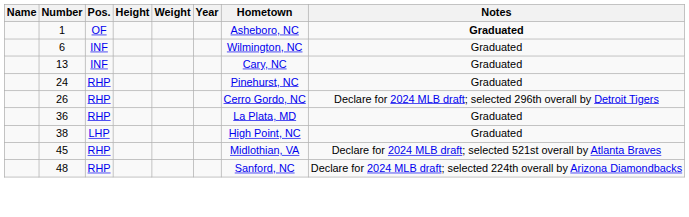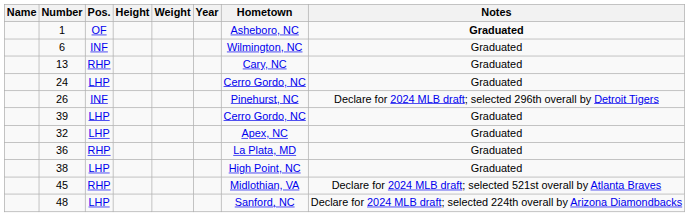 <table class="wikitable sortable sortable" style="text-align: center">
 <tr align=center>
 <th>Name</th>
 <th>Number</th>
 <th>Pos.</th>
 <th>Height</th>
 <th>Weight</th>
 <th>Year</th>
 <th>Hometown</th>
 <th>Notes</th>
 </tr>
 <tr>
 <td></td>
 <td>1</td>
 <td><a href='#'>OF</a></td>
 <td></td>
 <td></td>
 <td></td>
 <td><a href='#'>Asheboro, NC</a></td>
 <td><strong>Graduated</strong></td>
 </tr>
 <tr>
 <td></td>
 <td>6</td>
 <td><a href='#'>INF</a></td>
 <td></td>
 <td></td>
 <td></td>
 <td><a href='#'>Wilmington, NC</a></td>
 <td>Graduated</td>
 </tr>
 <tr>
 <td></td>
 <td>13</td>
-<td><a href='#'>INF</a></td>
+<td><a href='#'>RHP</a></td>
 <td></td>
 <td></td>
 <td></td>
 <td><a href='#'>Cary, NC</a></td>
 <td>Graduated</td>
 </tr>
 <tr>
 <td></td>
 <td>24</td>
-<td><a href='#'>RHP</a></td>
+<td><a href='#'>LHP</a></td>
 <td></td>
 <td></td>
 <td></td>
-<td><a href='#'>Pinehurst, NC</a></td>
+<td><a href='#'>Cerro Gordo, NC</a></td>
 <td>Graduated</td>
 </tr>
 <tr>
 <td></td>
 <td>26</td>
-<td><a href='#'>RHP</a></td>
+<td><a href='#'>INF</a></td>
+<td></td>
+<td></td>
+<td></td>
+<td><a href='#'>Pinehurst, NC</a></td>
+<td>Declare for <a href='#'>2024 MLB draft</a>; selected 296th overall by <a href='#'>Detroit Tigers</a></td>
+</tr>
+<tr>
+<td></td>
+<td>39</td>
+<td><a href='#'>LHP</a></td>
 <td></td>
 <td></td>
 <td></td>
 <td><a href='#'>Cerro Gordo, NC</a></td>
-<td>Declare for <a href='#'>2024 MLB draft</a>; selected 296th overall by <a href='#'>Detroit Tigers</a></td>
+<td>Graduated</td>
+</tr>
+<tr>
+<td></td>
+<td>32</td>
+<td><a href='#'>LHP</a></td>
+<td></td>
+<td></td>
+<td></td>
+<td><a href='#'>Apex, NC</a></td>
+<td>Graduated</td>
 </tr>
 <tr>
 <td></td>
 <td>36</td>
 <td><a href='#'>RHP</a></td>
 <td></td>
 <td></td>
 <td></td>
 <td><a href='#'>La Plata, MD</a></td>
 <td>Graduated</td>
 </tr>
 <tr>
 <td></td>
 <td>38</td>
 <td><a href='#'>LHP</a></td>
 <td></td>
 <td></td>
 <td></td>
 <td><a href='#'>High Point, NC</a></td>
 <td>Graduated</td>
 </tr>
 <tr>
 <td></td>
 <td>45</td>
 <td><a href='#'>RHP</a></td>
 <td></td>
 <td></td>
 <td></td>
 <td><a href='#'>Midlothian, VA</a></td>
 <td>Declare for <a href='#'>2024 MLB draft</a>; selected 521st overall by <a href='#'>Atlanta Braves</a></td>
 </tr>
 <tr>
 <td></td>
 <td>48</td>
-<td><a href='#'>RHP</a></td>
+<td><a href='#'>LHP</a></td>
 <td></td>
 <td></td>
 <td></td>
 <td><a href='#'>Sanford, NC</a></td>
 <td>Declare for <a href='#'>2024 MLB draft</a>; selected 224th overall by <a href='#'>Arizona Diamondbacks</a></td>
 </tr>
 </table>
